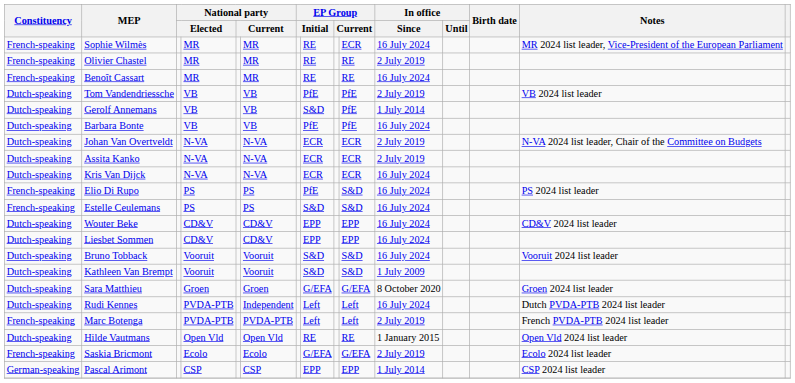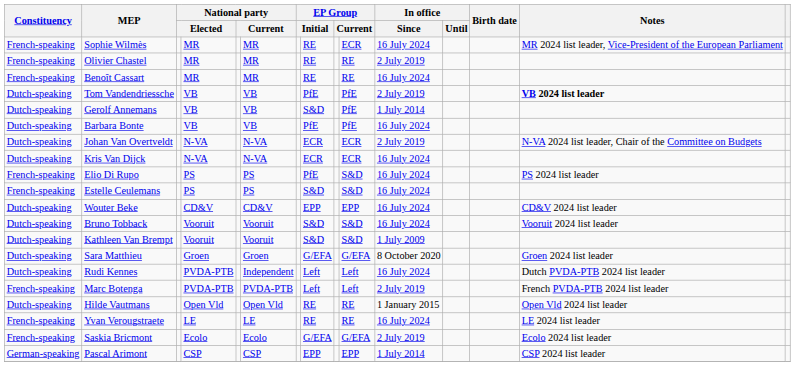 <table class="wikitable sortable" style="text-align:left">
 <tr>
 <th rowspan="2"><a href='#'>Constituency</a></th>
 <th rowspan="2">MEP</th>
 <th colspan="4">National party</th>
 <th colspan="4"><a href='#'>EP Group</a></th>
 <th colspan="2">In office</th>
 <th rowspan="2">Birth date</th>
 <th rowspan="2">Notes</th>
 <th rowspan="2" class="unsortable"></th>
 </tr>
 <tr>
 <th colspan="2">Elected</th>
 <th colspan="2">Current</th>
 <th colspan="2">Initial</th>
 <th colspan="2">Current</th>
 <th>Since</th>
 <th>Until</th>
 </tr>
 <tr>
 <td><a href='#'>French-speaking</a></td>
 <td><a href='#'>Sophie Wilmès</a></td>
 <td style="background: "></td>
 <td><a href='#'>MR</a></td>
 <td style="background: "></td>
 <td><a href='#'>MR</a></td>
 <td style="background: "></td>
 <td><a href='#'>RE</a></td>
 <td style="background: "></td>
 <td><a href='#'>ECR</a></td>
 <td><a href='#'>16 July 2024</a></td>
 <td></td>
 <td></td>
 <td><a href='#'>MR</a> 2024 list leader, <a href='#'>Vice-President of the European Parliament</a></td>
 <td></td>
 </tr>
 <tr>
 <td><a href='#'>French-speaking</a></td>
 <td><a href='#'>Olivier Chastel</a></td>
 <td style="background: "></td>
 <td><a href='#'>MR</a></td>
 <td style="background: "></td>
 <td><a href='#'>MR</a></td>
 <td style="background: "></td>
 <td><a href='#'>RE</a></td>
 <td style="background: "></td>
 <td><a href='#'>RE</a></td>
 <td><a href='#'>2 July 2019</a></td>
 <td></td>
 <td></td>
 <td></td>
 <td></td>
 </tr>
 <tr>
 <td><a href='#'>French-speaking</a></td>
 <td><a href='#'>Benoît Cassart</a></td>
 <td style="background: "></td>
 <td><a href='#'>MR</a></td>
 <td style="background: "></td>
 <td><a href='#'>MR</a></td>
 <td style="background: "></td>
 <td><a href='#'>RE</a></td>
 <td style="background: "></td>
 <td><a href='#'>RE</a></td>
 <td><a href='#'>16 July 2024</a></td>
 <td></td>
 <td></td>
 <td></td>
 <td></td>
 </tr>
 <tr>
 <td><a href='#'>Dutch-speaking</a></td>
 <td><a href='#'>Tom Vandendriessche</a></td>
 <td style="background: "></td>
 <td><a href='#'>VB</a></td>
 <td style="background: "></td>
 <td><a href='#'>VB</a></td>
 <td style="background: "></td>
 <td><a href='#'>PfE</a></td>
 <td style="background: "></td>
 <td><a href='#'>PfE</a></td>
 <td><a href='#'>2 July 2019</a></td>
 <td></td>
 <td></td>
-<td><a href='#'>VB</a> 2024 list leader</td>
+<td><strong><a href='#'>VB</a> 2024 list leader</strong></td>
 <td></td>
 </tr>
 <tr>
 <td><a href='#'>Dutch-speaking</a></td>
 <td><a href='#'>Gerolf Annemans</a></td>
 <td style="background: "></td>
 <td><a href='#'>VB</a></td>
 <td style="background: "></td>
 <td><a href='#'>VB</a></td>
 <td style="background: "></td>
 <td><a href='#'>S&D</a></td>
 <td style="background: "></td>
 <td><a href='#'>PfE</a></td>
 <td><a href='#'>1 July 2014</a></td>
 <td></td>
 <td></td>
 <td></td>
 <td></td>
 </tr>
 <tr>
 <td><a href='#'>Dutch-speaking</a></td>
 <td><a href='#'>Barbara Bonte</a></td>
 <td style="background: "></td>
 <td><a href='#'>VB</a></td>
 <td style="background: "></td>
 <td><a href='#'>VB</a></td>
 <td style="background: "></td>
 <td><a href='#'>PfE</a></td>
 <td style="background: "></td>
 <td><a href='#'>PfE</a></td>
 <td><a href='#'>16 July 2024</a></td>
 <td></td>
 <td></td>
 <td></td>
 <td></td>
 </tr>
 <tr>
 <td><a href='#'>Dutch-speaking</a></td>
 <td><a href='#'>Johan Van Overtveldt</a></td>
 <td style="background: "></td>
 <td><a href='#'>N-VA</a></td>
 <td style="background: "></td>
 <td><a href='#'>N-VA</a></td>
 <td style="background: "></td>
 <td><a href='#'>ECR</a></td>
 <td style="background: "></td>
 <td><a href='#'>ECR</a></td>
 <td><a href='#'>2 July 2019</a></td>
 <td></td>
 <td></td>
 <td><a href='#'>N-VA</a> 2024 list leader, Chair of the <a href='#'>Committee on Budgets</a></td>
-<td></td>
-</tr>
-<tr>
-<td><a href='#'>Dutch-speaking</a></td>
-<td><a href='#'>Assita Kanko</a></td>
-<td style="background: "></td>
-<td><a href='#'>N-VA</a></td>
-<td style="background: "></td>
-<td><a href='#'>N-VA</a></td>
-<td style="background: "></td>
-<td><a href='#'>ECR</a></td>
-<td style="background: "></td>
-<td><a href='#'>ECR</a></td>
-<td><a href='#'>2 July 2019</a></td>
-<td></td>
-<td></td>
-<td></td>
 <td></td>
 </tr>
 <tr>
 <td><a href='#'>Dutch-speaking</a></td>
 <td><a href='#'>Kris Van Dijck</a></td>
 <td style="background: "></td>
 <td><a href='#'>N-VA</a></td>
 <td style="background: "></td>
 <td><a href='#'>N-VA</a></td>
 <td style="background: "></td>
 <td><a href='#'>ECR</a></td>
 <td style="background: "></td>
 <td><a href='#'>ECR</a></td>
 <td><a href='#'>16 July 2024</a></td>
 <td></td>
 <td></td>
 <td></td>
 <td></td>
 </tr>
 <tr>
 <td><a href='#'>French-speaking</a></td>
 <td><a href='#'>Elio Di Rupo</a></td>
 <td style="background: "></td>
 <td><a href='#'>PS</a></td>
 <td style="background: "></td>
 <td><a href='#'>PS</a></td>
 <td style="background: "></td>
 <td><a href='#'>PfE</a></td>
 <td style="background: "></td>
 <td><a href='#'>S&D</a></td>
 <td><a href='#'>16 July 2024</a></td>
 <td></td>
 <td></td>
 <td><a href='#'>PS</a> 2024 list leader</td>
 <td></td>
 </tr>
 <tr>
 <td><a href='#'>French-speaking</a></td>
 <td><a href='#'>Estelle Ceulemans</a></td>
 <td style="background: "></td>
 <td><a href='#'>PS</a></td>
 <td style="background: "></td>
 <td><a href='#'>PS</a></td>
 <td style="background: "></td>
 <td><a href='#'>S&D</a></td>
 <td style="background: "></td>
 <td><a href='#'>S&D</a></td>
 <td><a href='#'>16 July 2024</a></td>
 <td></td>
 <td></td>
 <td></td>
 <td></td>
 </tr>
 <tr>
 <td><a href='#'>Dutch-speaking</a></td>
 <td><a href='#'>Wouter Beke</a></td>
 <td style="background: "></td>
 <td><a href='#'>CD&V</a></td>
 <td style="background: "></td>
 <td><a href='#'>CD&V</a></td>
 <td style="background: "></td>
 <td><a href='#'>EPP</a></td>
 <td style="background: "></td>
 <td><a href='#'>EPP</a></td>
 <td><a href='#'>16 July 2024</a></td>
 <td></td>
 <td></td>
 <td><a href='#'>CD&V</a> 2024 list leader</td>
-<td></td>
-</tr>
-<tr>
-<td><a href='#'>Dutch-speaking</a></td>
-<td><a href='#'>Liesbet Sommen</a></td>
-<td style="background: "></td>
-<td><a href='#'>CD&V</a></td>
-<td style="background: "></td>
-<td><a href='#'>CD&V</a></td>
-<td style="background: "></td>
-<td><a href='#'>EPP</a></td>
-<td style="background: "></td>
-<td><a href='#'>EPP</a></td>
-<td><a href='#'>16 July 2024</a></td>
-<td></td>
-<td></td>
-<td></td>
 <td></td>
 </tr>
 <tr>
 <td><a href='#'>Dutch-speaking</a></td>
 <td><a href='#'>Bruno Tobback</a></td>
 <td style="background: "></td>
 <td><a href='#'>Vooruit</a></td>
 <td style="background: "></td>
 <td><a href='#'>Vooruit</a></td>
 <td style="background: "></td>
 <td><a href='#'>S&D</a></td>
 <td style="background: "></td>
 <td><a href='#'>S&D</a></td>
 <td><a href='#'>16 July 2024</a></td>
 <td></td>
 <td></td>
 <td><a href='#'>Vooruit</a> 2024 list leader</td>
 <td></td>
 </tr>
 <tr>
 <td><a href='#'>Dutch-speaking</a></td>
 <td><a href='#'>Kathleen Van Brempt</a></td>
 <td style="background: "></td>
 <td><a href='#'>Vooruit</a></td>
 <td style="background: "></td>
 <td><a href='#'>Vooruit</a></td>
 <td style="background: "></td>
 <td><a href='#'>S&D</a></td>
 <td style="background: "></td>
 <td><a href='#'>S&D</a></td>
 <td><a href='#'>1 July 2009</a></td>
 <td></td>
 <td></td>
 <td></td>
 <td></td>
 </tr>
 <tr>
 <td><a href='#'>Dutch-speaking</a></td>
 <td><a href='#'>Sara Matthieu</a></td>
 <td style="background: "></td>
 <td><a href='#'>Groen</a></td>
 <td style="background: "></td>
 <td><a href='#'>Groen</a></td>
 <td style="background: "></td>
 <td><a href='#'>G/EFA</a></td>
 <td style="background: "></td>
 <td><a href='#'>G/EFA</a></td>
 <td>8 October 2020</td>
 <td></td>
 <td></td>
 <td><a href='#'>Groen</a> 2024 list leader</td>
 <td></td>
 </tr>
 <tr>
 <td><a href='#'>Dutch-speaking</a></td>
 <td><a href='#'>Rudi Kennes</a></td>
 <td style="background: "></td>
 <td><a href='#'>PVDA-PTB</a></td>
 <td style="background: "></td>
 <td><a href='#'>Independent</a></td>
 <td style="background: "></td>
 <td><a href='#'>Left</a></td>
 <td style="background: "></td>
 <td><a href='#'>Left</a></td>
 <td><a href='#'>16 July 2024</a></td>
 <td></td>
 <td></td>
 <td>Dutch <a href='#'>PVDA-PTB</a> 2024 list leader</td>
 <td></td>
 </tr>
 <tr>
 <td><a href='#'>French-speaking</a></td>
 <td><a href='#'>Marc Botenga</a></td>
 <td style="background: "></td>
 <td><a href='#'>PVDA-PTB</a></td>
 <td style="background: "></td>
 <td><a href='#'>PVDA-PTB</a></td>
 <td style="background: "></td>
 <td><a href='#'>Left</a></td>
 <td style="background: "></td>
 <td><a href='#'>Left</a></td>
 <td><a href='#'>2 July 2019</a></td>
 <td></td>
 <td></td>
 <td>French <a href='#'>PVDA-PTB</a> 2024 list leader</td>
 <td></td>
 </tr>
 <tr>
 <td><a href='#'>Dutch-speaking</a></td>
 <td><a href='#'>Hilde Vautmans</a></td>
 <td style="background: "></td>
 <td><a href='#'>Open Vld</a></td>
 <td style="background: "></td>
 <td><a href='#'>Open Vld</a></td>
 <td style="background: "></td>
 <td><a href='#'>RE</a></td>
 <td style="background: "></td>
 <td><a href='#'>RE</a></td>
 <td>1 January 2015</td>
 <td></td>
 <td></td>
 <td><a href='#'>Open Vld</a> 2024 list leader</td>
 <td></td>
 </tr>
 <tr>
 <td><a href='#'>French-speaking</a></td>
+<td><a href='#'>Yvan Verougstraete</a></td>
+<td style="background: "></td>
+<td><a href='#'>LE</a></td>
+<td style="background: "></td>
+<td><a href='#'>LE</a></td>
+<td style="background: "></td>
+<td><a href='#'>RE</a></td>
+<td style="background: "></td>
+<td><a href='#'>RE</a></td>
+<td><a href='#'>16 July 2024</a></td>
+<td></td>
+<td></td>
+<td><a href='#'>LE</a> 2024 list leader</td>
+<td></td>
+</tr>
+<tr>
+<td><a href='#'>French-speaking</a></td>
 <td><a href='#'>Saskia Bricmont</a></td>
 <td style="background: "></td>
 <td><a href='#'>Ecolo</a></td>
 <td style="background: "></td>
 <td><a href='#'>Ecolo</a></td>
 <td style="background: "></td>
 <td><a href='#'>G/EFA</a></td>
 <td style="background: "></td>
 <td><a href='#'>G/EFA</a></td>
 <td><a href='#'>2 July 2019</a></td>
 <td></td>
 <td></td>
 <td><a href='#'>Ecolo</a> 2024 list leader</td>
 <td></td>
 </tr>
 <tr>
 <td><a href='#'>German-speaking</a></td>
 <td><a href='#'>Pascal Arimont</a></td>
 <td style="background: "></td>
 <td><a href='#'>CSP</a></td>
 <td style="background: "></td>
 <td><a href='#'>CSP</a></td>
 <td style="background: "></td>
 <td><a href='#'>EPP</a></td>
 <td style="background: "></td>
 <td><a href='#'>EPP</a></td>
 <td><a href='#'>1 July 2014</a></td>
 <td></td>
 <td></td>
 <td><a href='#'>CSP</a> 2024 list leader</td>
 <td></td>
 </tr>
 <tr>
 </tr>
 </table>
